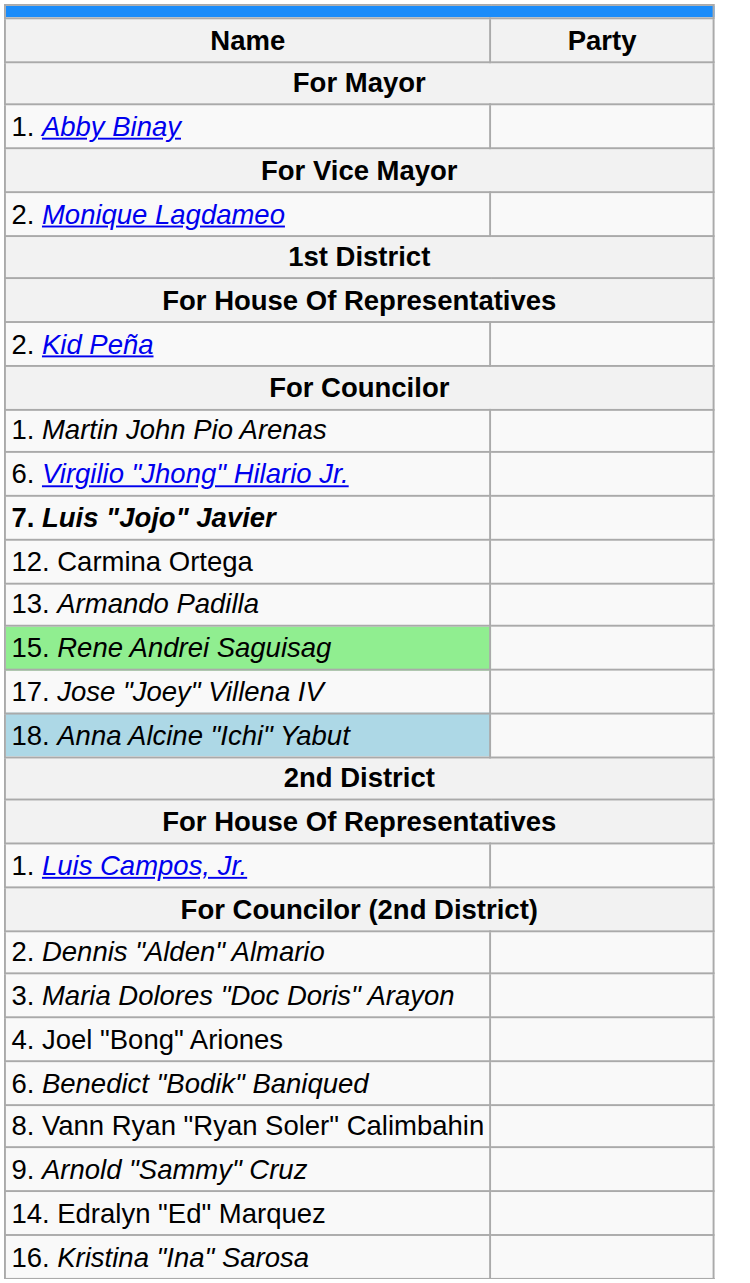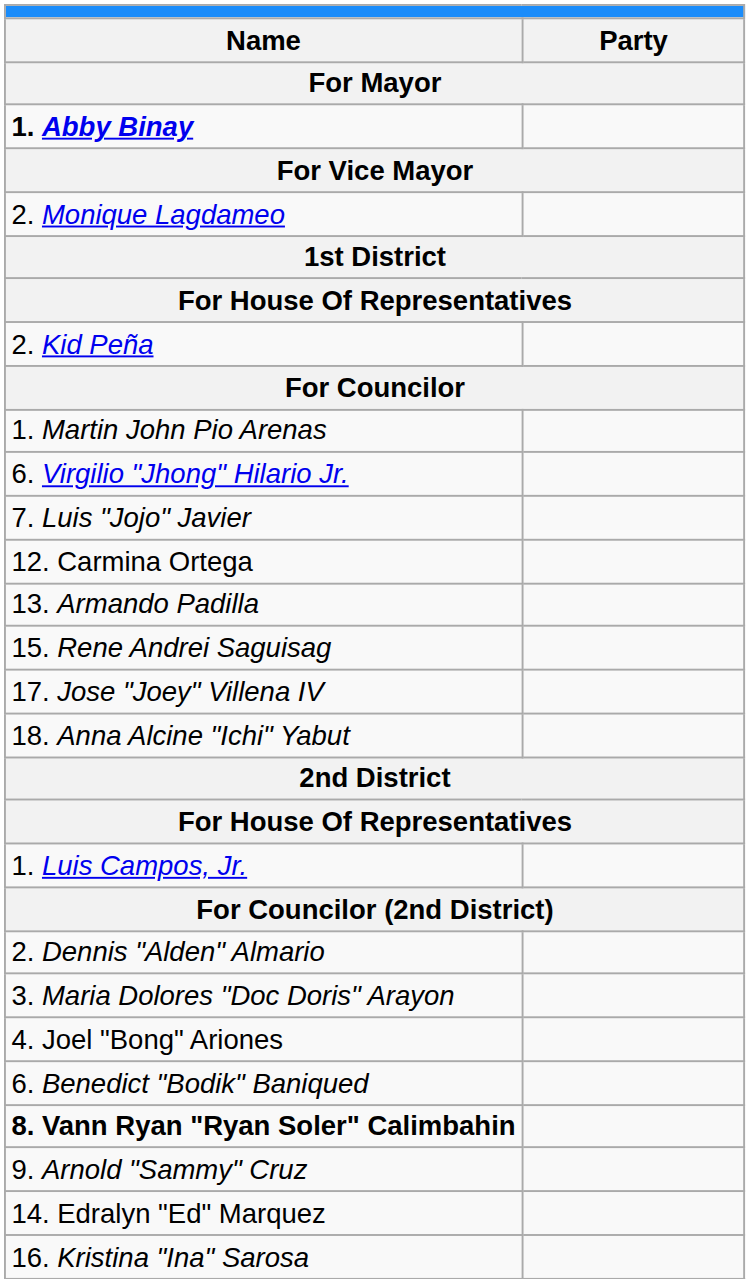 <table class="wikitable" style="font-size:90%">
 <tr>
 <td colspan="5" bgcolor=#1a8cfa></td>
 </tr>
 <tr>
 <th !width=150px>Name</th>
 <th colspan=2 width=110px>Party</th>
 </tr>
 <tr>
 <th colspan=5>For Mayor</th>
 </tr>
 <tr>
-<td>1. <em><a href='#'>Abby Binay</a></em></td>
+<td><strong>1. <em><a href='#'>Abby Binay</a></em></strong></td>
 <td></td>
 </tr>
 <tr>
 <th colspan=5>For Vice Mayor</th>
 </tr>
 <tr>
 <td>2. <em><a href='#'>Monique Lagdameo</a></em></td>
 <td></td>
 </tr>
 <tr>
 <th colspan=5>1st District</th>
 </tr>
 <tr>
 <th colspan=5>For House Of Representatives</th>
 </tr>
 <tr>
 <td>2. <em><a href='#'>Kid Peña</a></em></td>
 <td></td>
 </tr>
 <tr>
 <th colspan="5">For Councilor</th>
 </tr>
 <tr>
 <td>1. <em>Martin John Pio Arenas</em></td>
 <td></td>
 </tr>
 <tr>
 <td>6. <em><a href='#'>Virgilio "Jhong" Hilario Jr.</a></em></td>
 <td></td>
 </tr>
 <tr>
-<td><strong>7. <em>Luis "Jojo" Javier</em></strong></td>
+<td>7. <em>Luis "Jojo" Javier</em></td>
 <td></td>
 </tr>
 <tr>
 <td>12. Carmina Ortega</td>
 <td></td>
 </tr>
 <tr>
 <td>13. <em>Armando Padilla</em></td>
 <td></td>
 </tr>
 <tr>
-<td style="background: lightgreen;">15. <em>Rene Andrei Saguisag</em></td>
+<td>15. <em>Rene Andrei Saguisag</em></td>
 <td></td>
 </tr>
 <tr>
 <td>17. <em>Jose "Joey" Villena IV</em></td>
 <td></td>
 </tr>
 <tr>
-<td style="background: lightblue;">18. <em>Anna Alcine "Ichi" Yabut</em></td>
+<td>18. <em>Anna Alcine "Ichi" Yabut</em></td>
 <td></td>
 </tr>
 <tr>
 <th colspan=5>2nd District</th>
 </tr>
 <tr>
 <th colspan=5>For House Of Representatives</th>
 </tr>
 <tr>
 <td>1. <em><a href='#'>Luis Campos, Jr.</a></em></td>
 <td></td>
 </tr>
 <tr>
 <th colspan="5">For Councilor (2nd District)</th>
 </tr>
 <tr>
 <td>2. <em>Dennis "Alden" Almario</em></td>
 <td></td>
 </tr>
 <tr>
 <td>3. <em>Maria Dolores "Doc Doris" Arayon</em></td>
 <td></td>
 </tr>
 <tr>
 <td>4. Joel "Bong" Ariones</td>
 <td></td>
 </tr>
 <tr>
 <td>6. <em>Benedict "Bodik" Baniqued</em></td>
 <td></td>
 </tr>
 <tr>
-<td>8. Vann Ryan "Ryan Soler" Calimbahin</td>
+<td><strong>8. Vann Ryan "Ryan Soler" Calimbahin</strong></td>
 <td></td>
 </tr>
 <tr>
 <td>9. <em>Arnold "Sammy" Cruz</em></td>
 <td></td>
 </tr>
 <tr>
 <td>14. Edralyn "Ed" Marquez</td>
 <td></td>
 </tr>
 <tr>
 <td>16. <em>Kristina "Ina" Sarosa</em></td>
 <td></td>
 </tr>
 <tr>
 </tr>
 </table>
